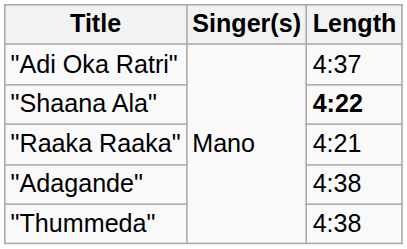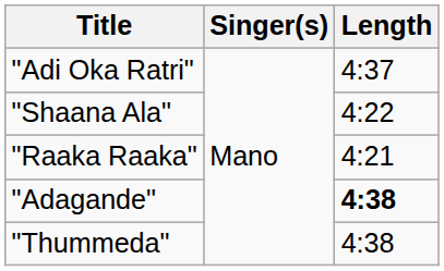 <table class="wikitable">
 <tr>
 <th>Title</th>
 <th>Singer(s)</th>
 <th>Length</th>
 </tr>
 <tr>
 <td>"Adi Oka Ratri"</td>
 <td rowspan="5">Mano</td>
 <td>4:37</td>
 </tr>
 <tr>
 <td>"Shaana Ala"</td>
-<td><strong>4:22</strong></td>
+<td>4:22</td>
 </tr>
 <tr>
 <td>"Raaka Raaka"</td>
 <td>4:21</td>
 </tr>
 <tr>
 <td>"Adagande"</td>
-<td>4:38</td>
+<td><strong>4:38</strong></td>
 </tr>
 <tr>
 <td>"Thummeda"</td>
 <td>4:38</td>
 </tr>
 </table>
